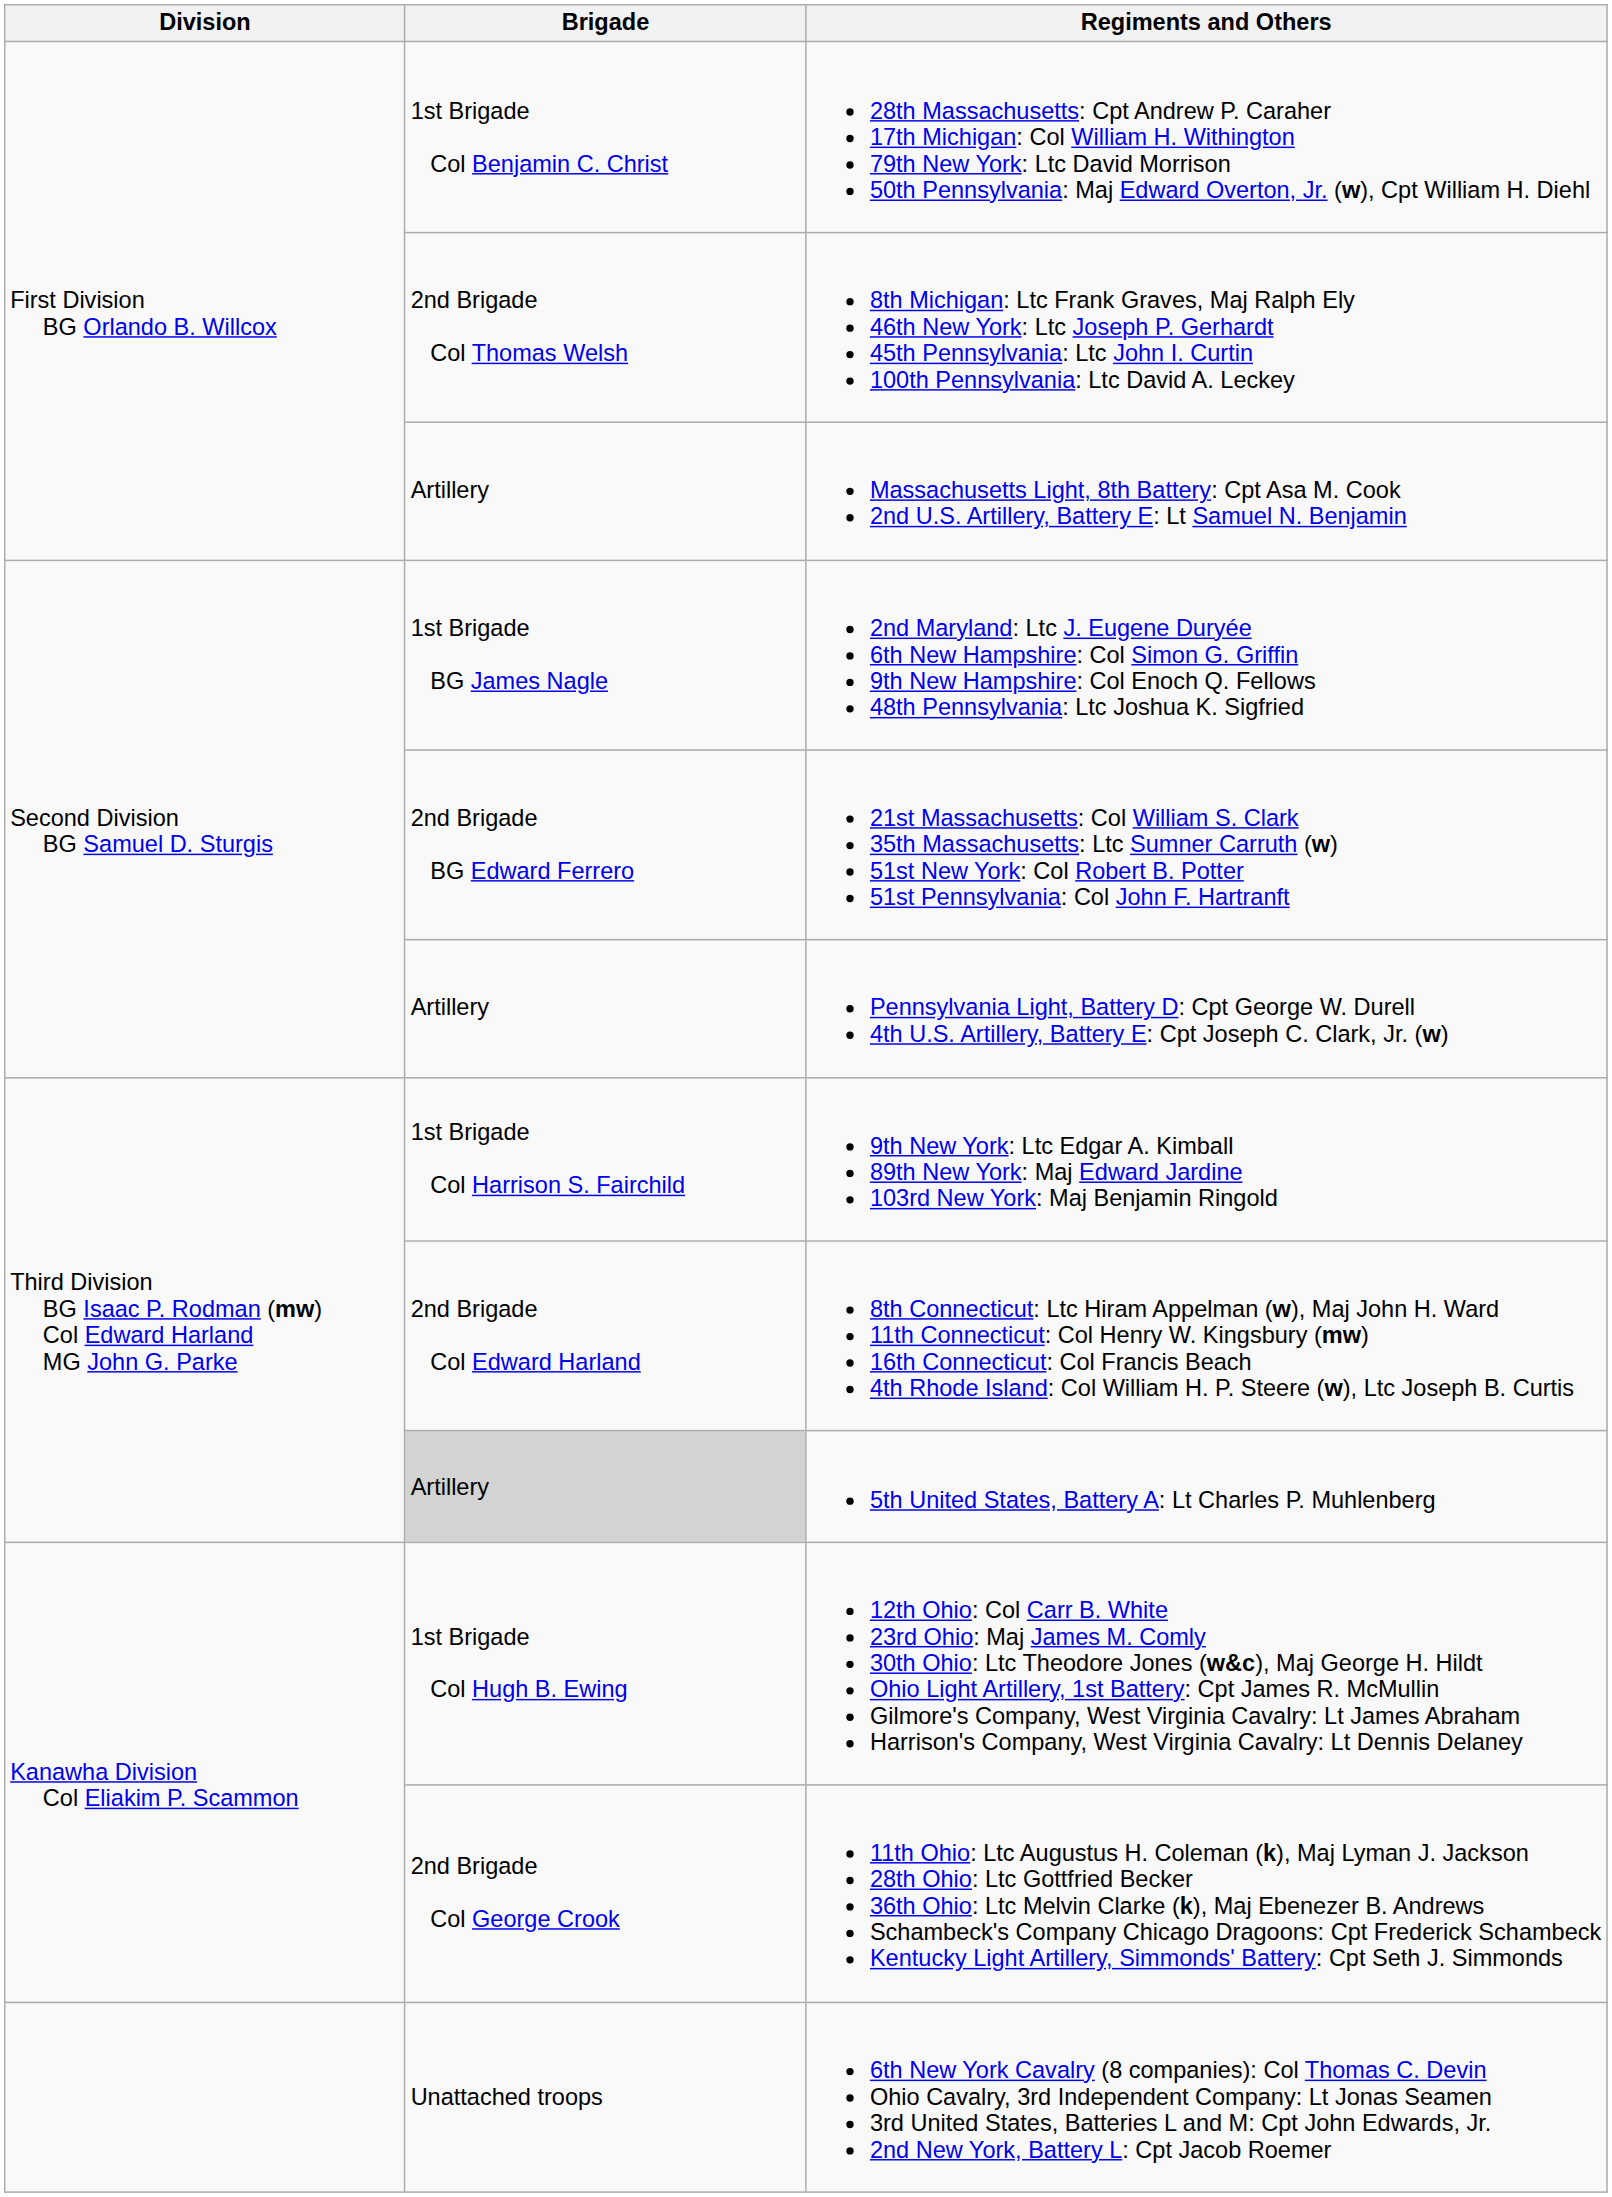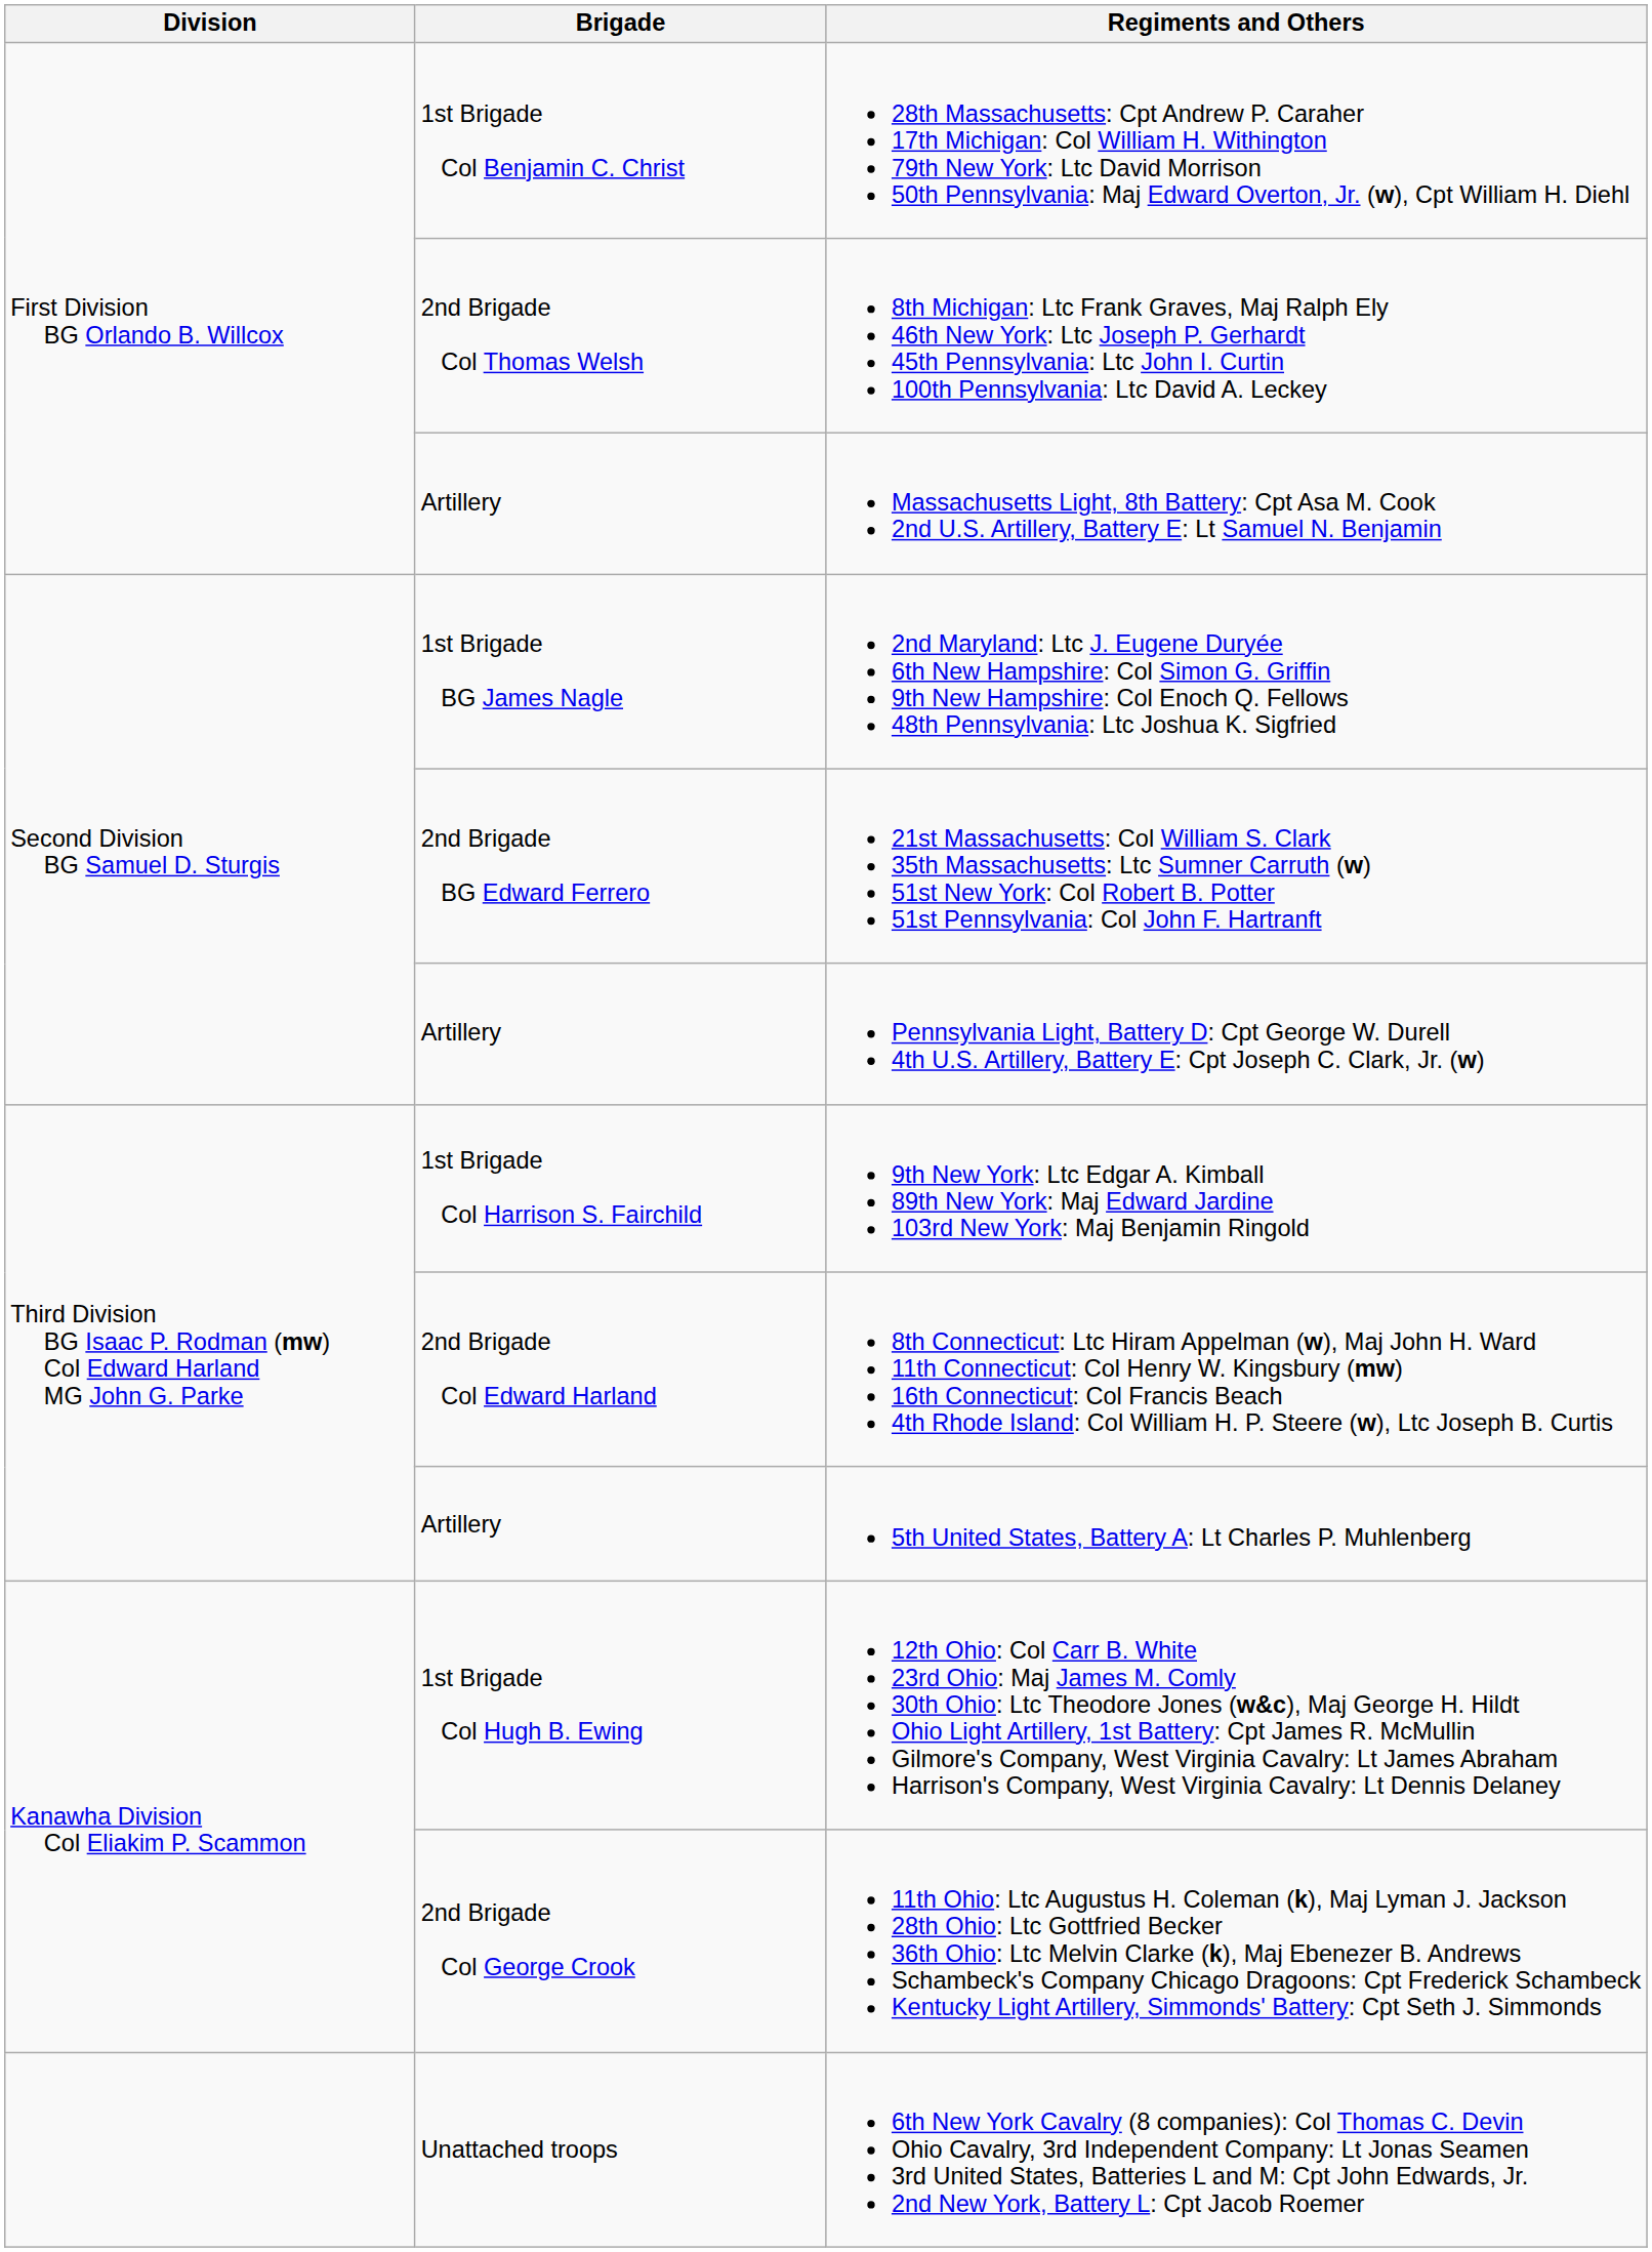 <table class="wikitable">
 <tr>
 <th width=25%>Division</th>
 <th width=25%>Brigade</th>
 <th>Regiments and Others</th>
 </tr>
 <tr>
 <td rowspan=3><br>First Division <br>     BG <a href='#'>Orlando B. Willcox</a></td>
 <td>1st Brigade<br><br>   Col <a href='#'>Benjamin C. Christ</a></td>
 <td><br><ul><li><a href='#'>28th Massachusetts</a>: Cpt Andrew P. Caraher</li><li><a href='#'>17th Michigan</a>: Col <a href='#'>William H. Withington</a></li><li><a href='#'>79th New York</a>: Ltc David Morrison</li><li><a href='#'>50th Pennsylvania</a>: Maj <a href='#'>Edward Overton, Jr.</a> (<strong>w</strong>), Cpt William H. Diehl</li></ul></td>
 </tr>
 <tr>
 <td>2nd Brigade<br><br>   Col <a href='#'>Thomas Welsh</a></td>
 <td><br><ul><li><a href='#'>8th Michigan</a>: Ltc Frank Graves, Maj Ralph Ely</li><li><a href='#'>46th New York</a>: Ltc <a href='#'>Joseph P. Gerhardt</a></li><li><a href='#'>45th Pennsylvania</a>: Ltc <a href='#'>John I. Curtin</a></li><li><a href='#'>100th Pennsylvania</a>: Ltc David A. Leckey</li></ul></td>
 </tr>
 <tr>
 <td>Artillery</td>
 <td><br><ul><li><a href='#'>Massachusetts Light, 8th Battery</a>: Cpt Asa M. Cook</li><li><a href='#'>2nd U.S. Artillery, Battery E</a>: Lt <a href='#'>Samuel N. Benjamin</a></li></ul></td>
 </tr>
 <tr>
 <td rowspan=3><br>Second Division <br>     BG <a href='#'>Samuel D. Sturgis</a></td>
 <td>1st Brigade<br><br>   BG <a href='#'>James Nagle</a></td>
 <td><br><ul><li><a href='#'>2nd Maryland</a>: Ltc <a href='#'>J. Eugene Duryée</a></li><li><a href='#'>6th New Hampshire</a>: Col <a href='#'>Simon G. Griffin</a></li><li><a href='#'>9th New Hampshire</a>: Col Enoch Q. Fellows</li><li><a href='#'>48th Pennsylvania</a>: Ltc Joshua K. Sigfried</li></ul></td>
 </tr>
 <tr>
 <td>2nd Brigade<br><br>   BG <a href='#'>Edward Ferrero</a></td>
 <td><br><ul><li><a href='#'>21st Massachusetts</a>: Col <a href='#'>William S. Clark</a></li><li><a href='#'>35th Massachusetts</a>: Ltc <a href='#'>Sumner Carruth</a> (<strong>w</strong>)</li><li><a href='#'>51st New York</a>: Col <a href='#'>Robert B. Potter</a></li><li><a href='#'>51st Pennsylvania</a>: Col <a href='#'>John F. Hartranft</a></li></ul></td>
 </tr>
 <tr>
 <td>Artillery</td>
 <td><br><ul><li><a href='#'>Pennsylvania Light, Battery D</a>: Cpt George W. Durell</li><li><a href='#'>4th U.S. Artillery, Battery E</a>: Cpt Joseph C. Clark, Jr. (<strong>w</strong>)</li></ul></td>
 </tr>
 <tr>
 <td rowspan=3><br>Third Division <br>     BG <a href='#'>Isaac P. Rodman</a> (<strong>mw</strong>) <br>     Col <a href='#'>Edward Harland</a> <br>     MG <a href='#'>John G. Parke</a></td>
 <td>1st Brigade<br><br>   Col <a href='#'>Harrison S. Fairchild</a></td>
 <td><br><ul><li><a href='#'>9th New York</a>: Ltc Edgar A. Kimball</li><li><a href='#'>89th New York</a>: Maj <a href='#'>Edward Jardine</a></li><li><a href='#'>103rd New York</a>: Maj Benjamin Ringold</li></ul></td>
 </tr>
 <tr>
 <td>2nd Brigade<br><br>   Col <a href='#'>Edward Harland</a></td>
 <td><br><ul><li><a href='#'>8th Connecticut</a>: Ltc Hiram Appelman (<strong>w</strong>), Maj John H. Ward</li><li><a href='#'>11th Connecticut</a>: Col Henry W. Kingsbury (<strong>mw</strong>)</li><li><a href='#'>16th Connecticut</a>: Col Francis Beach</li><li><a href='#'>4th Rhode Island</a>: Col William H. P. Steere (<strong>w</strong>), Ltc Joseph B. Curtis</li></ul></td>
 </tr>
 <tr>
-<td style="background: lightgrey;">Artillery</td>
+<td>Artillery</td>
 <td><br><ul><li><a href='#'>5th United States, Battery A</a>: Lt Charles P. Muhlenberg</li></ul></td>
 </tr>
 <tr>
 <td rowspan=2><br><a href='#'>Kanawha Division</a> <br>     Col <a href='#'>Eliakim P. Scammon</a></td>
 <td>1st Brigade<br><br>   Col <a href='#'>Hugh B. Ewing</a></td>
 <td><br><ul><li><a href='#'>12th Ohio</a>: Col <a href='#'>Carr B. White</a></li><li><a href='#'>23rd Ohio</a>: Maj <a href='#'>James M. Comly</a></li><li><a href='#'>30th Ohio</a>: Ltc Theodore Jones (<strong>w&c</strong>), Maj George H. Hildt</li><li><a href='#'>Ohio Light Artillery, 1st Battery</a>: Cpt James R. McMullin</li><li>Gilmore's Company, West Virginia Cavalry: Lt James Abraham</li><li>Harrison's Company, West Virginia Cavalry: Lt Dennis Delaney</li></ul></td>
 </tr>
 <tr>
 <td>2nd Brigade<br><br>   Col <a href='#'>George Crook</a></td>
 <td><br><ul><li><a href='#'>11th Ohio</a>: Ltc Augustus H. Coleman (<strong>k</strong>), Maj Lyman J. Jackson</li><li><a href='#'>28th Ohio</a>: Ltc Gottfried Becker</li><li><a href='#'>36th Ohio</a>:  Ltc Melvin Clarke (<strong>k</strong>), Maj Ebenezer B. Andrews</li><li>Schambeck's Company Chicago Dragoons: Cpt Frederick Schambeck</li><li><a href='#'>Kentucky Light Artillery, Simmonds' Battery</a>: Cpt Seth J. Simmonds</li></ul></td>
 </tr>
 <tr>
 <td></td>
 <td>Unattached troops</td>
 <td><br><ul><li><a href='#'>6th New York Cavalry</a> (8 companies): Col <a href='#'>Thomas C. Devin</a></li><li>Ohio Cavalry, 3rd Independent Company: Lt Jonas Seamen</li><li>3rd United States, Batteries L and M: Cpt John Edwards, Jr.</li><li><a href='#'>2nd New York, Battery L</a>: Cpt Jacob Roemer</li></ul></td>
 </tr>
 </table>
